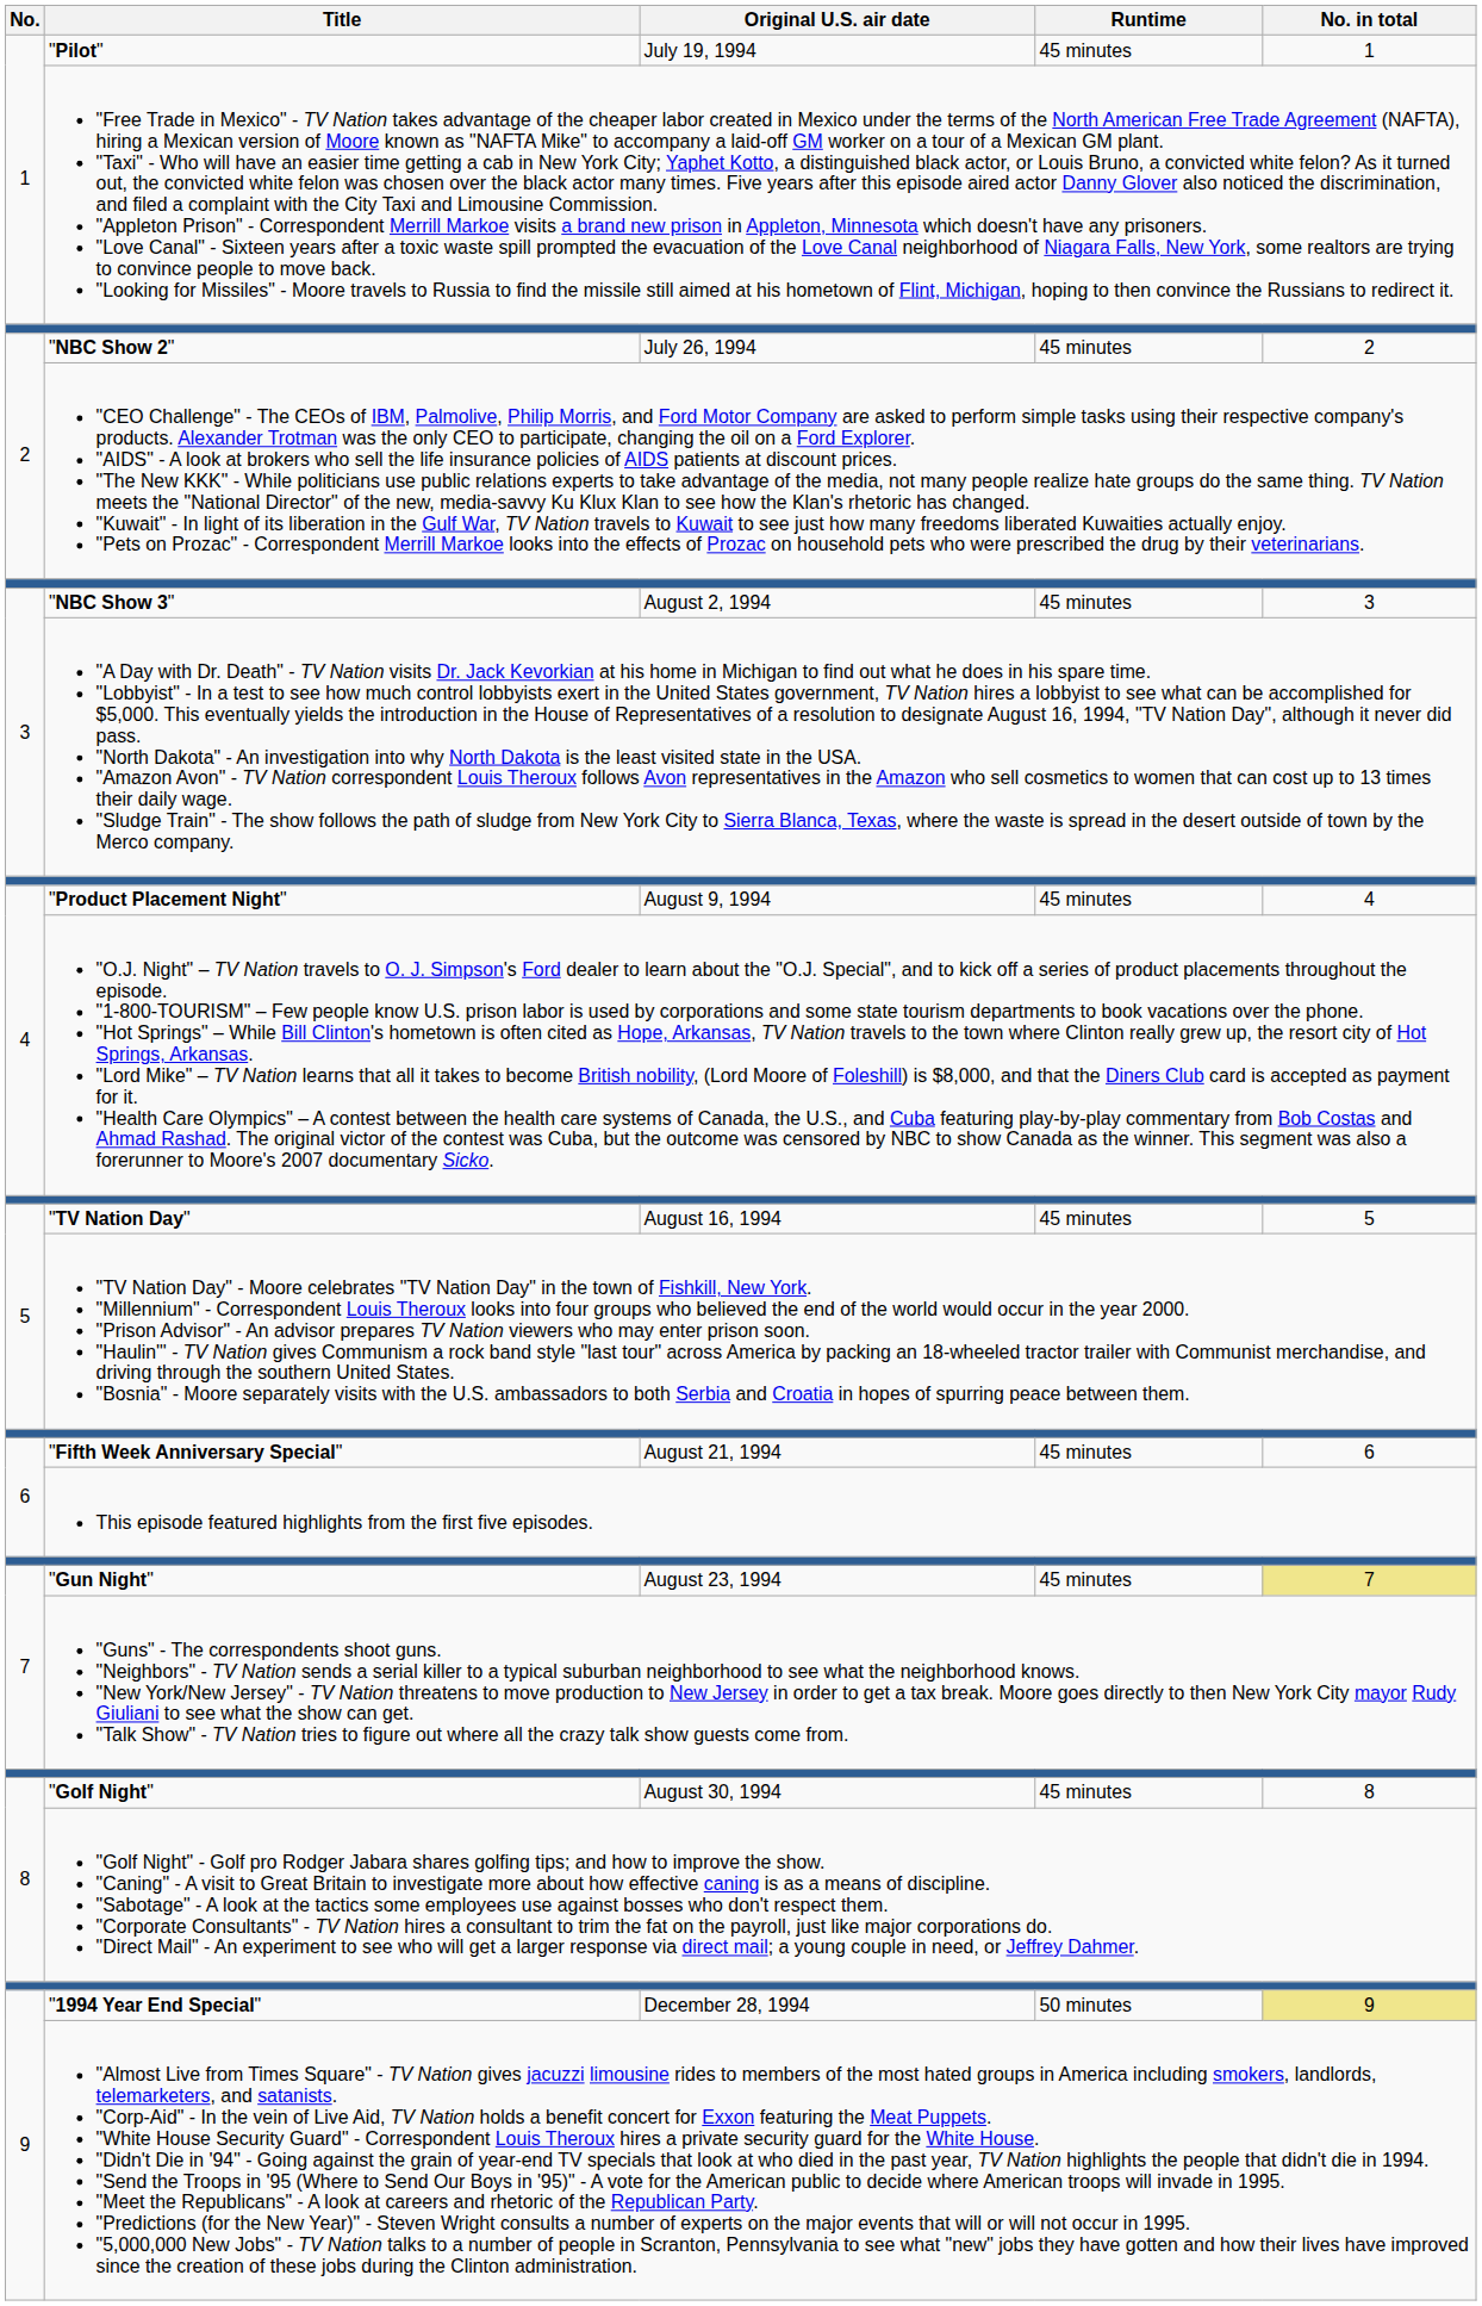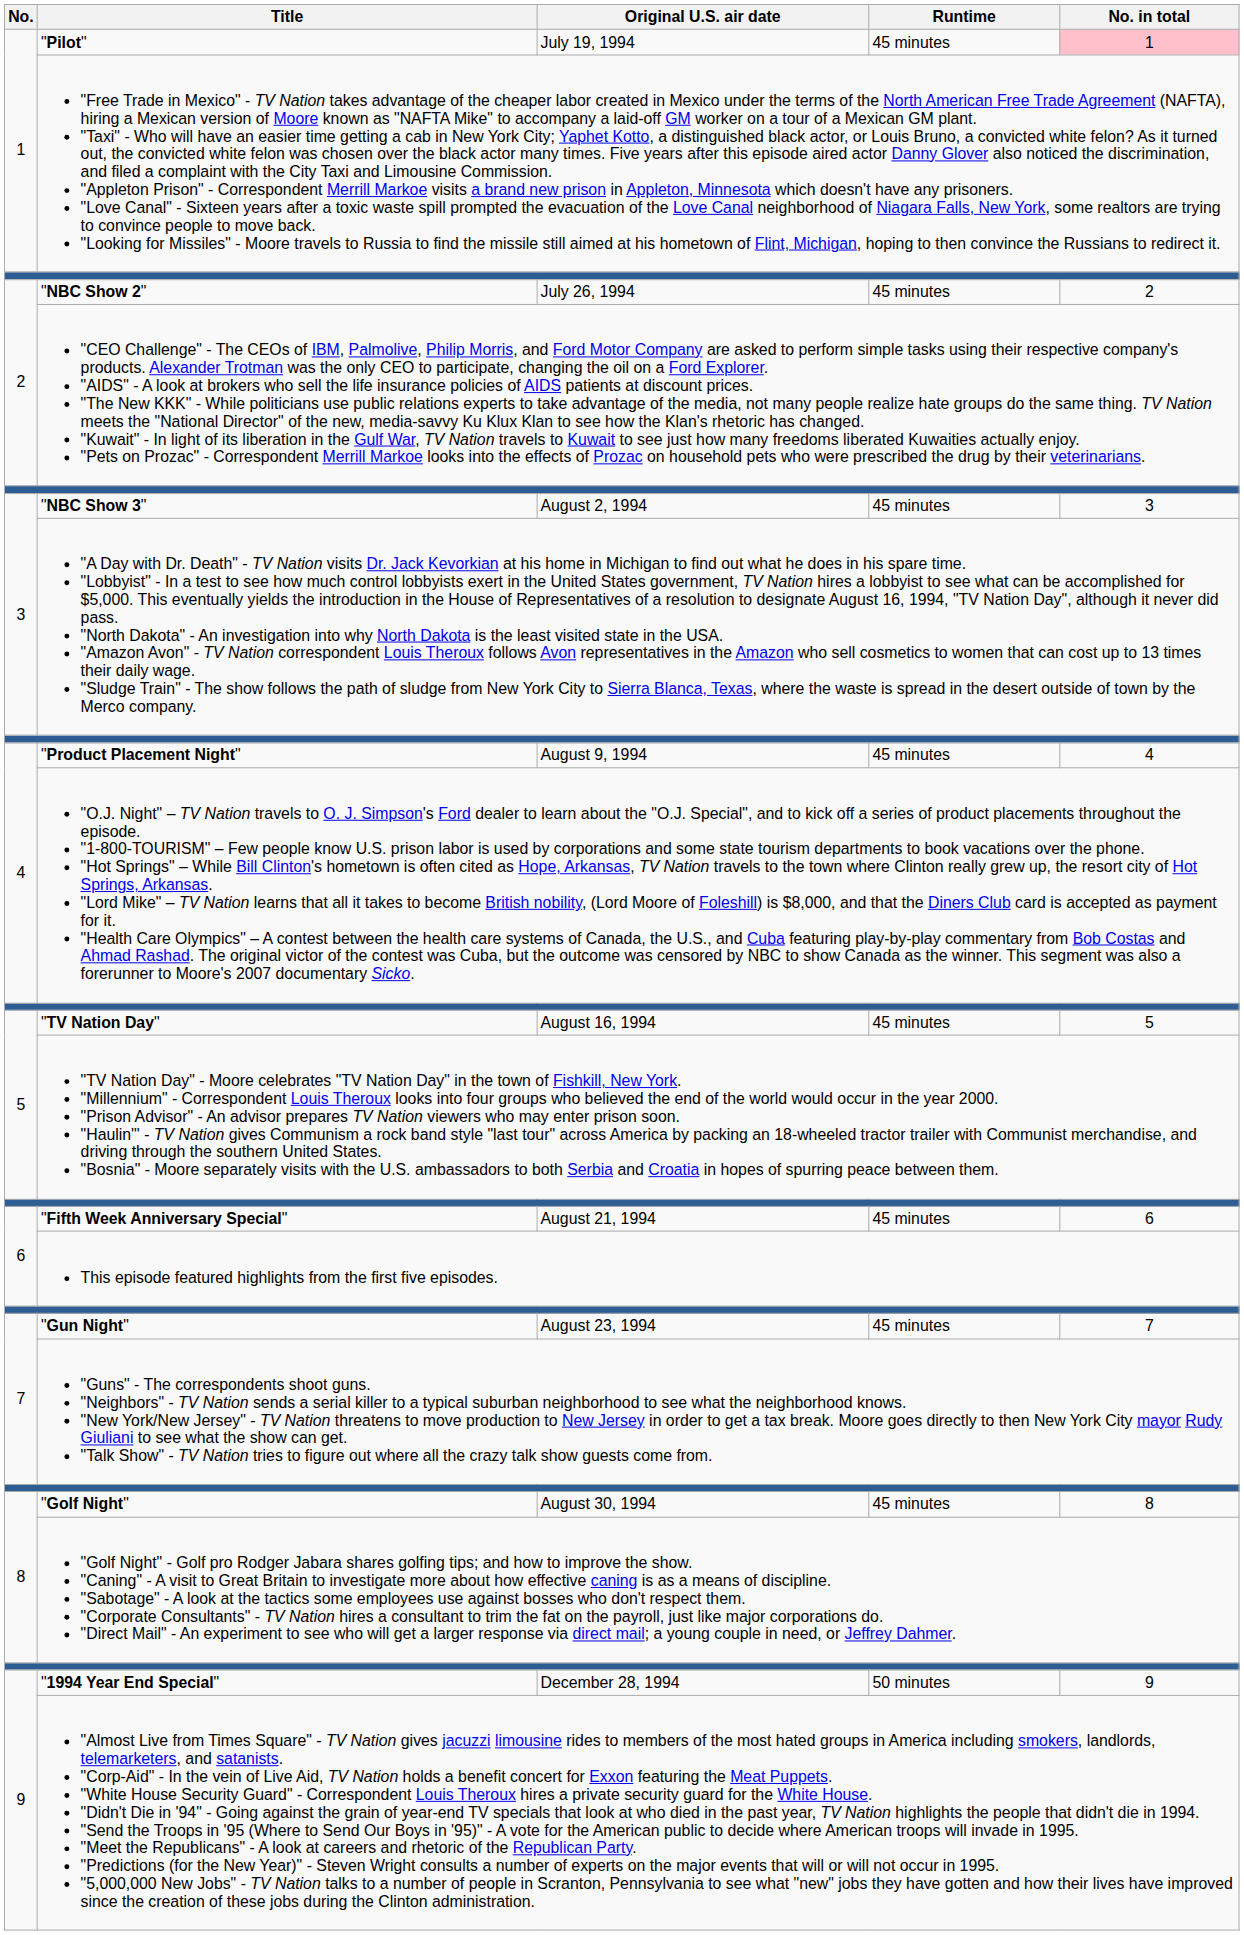 <table class="wikitable">
 <tr>
 <th>No.</th>
 <th>Title</th>
 <th>Original U.S. air date</th>
 <th>Runtime</th>
 <th>No. in total</th>
 </tr>
 <tr>
 <td align=center rowspan=2>1</td>
 <td>"<strong>Pilot</strong>"</td>
 <td>July 19, 1994</td>
 <td>45 minutes</td>
-<td align=center>1</td>
+<td align=center style="background: pink;">1</td>
 </tr>
 <tr>
 <td colspan="6"><br><ul><li>"Free Trade in Mexico" - <em>TV Nation</em> takes advantage of the cheaper labor created in Mexico under the terms of the <a href='#'>North American Free Trade Agreement</a> (NAFTA), hiring a Mexican version of <a href='#'>Moore</a> known as "NAFTA Mike" to accompany a laid-off <a href='#'>GM</a> worker on a tour of a Mexican GM plant.</li><li>"Taxi" - Who will have an easier time getting a cab in New York City; <a href='#'>Yaphet Kotto</a>, a distinguished black actor, or Louis Bruno, a convicted white felon? As it turned out, the convicted white felon was chosen over the black actor many times. Five years after this episode aired actor <a href='#'>Danny Glover</a> also noticed the discrimination, and filed a complaint with the City Taxi and Limousine Commission.</li><li>"Appleton Prison" - Correspondent <a href='#'>Merrill Markoe</a> visits <a href='#'>a brand new prison</a> in <a href='#'>Appleton, Minnesota</a> which doesn't have any prisoners.</li><li>"Love Canal" - Sixteen years after a toxic waste spill prompted the evacuation of the <a href='#'>Love Canal</a> neighborhood of <a href='#'>Niagara Falls, New York</a>, some realtors are trying to convince people to move back.</li><li>"Looking for Missiles" - Moore travels to Russia to find the missile still aimed at his hometown of <a href='#'>Flint, Michigan</a>, hoping to then convince the Russians to redirect it.</li></ul></td>
 </tr>
 <tr>
 <td colspan="6" bgcolor="#2d5d93"></td>
 </tr>
 <tr>
 <td align=center rowspan=2>2</td>
 <td>"<strong>NBC Show 2</strong>"</td>
 <td>July 26, 1994</td>
 <td>45 minutes</td>
 <td align=center>2</td>
 </tr>
 <tr>
 <td colspan="6"><br><ul><li>"CEO Challenge" - The CEOs of <a href='#'>IBM</a>, <a href='#'>Palmolive</a>, <a href='#'>Philip Morris</a>, and <a href='#'>Ford Motor Company</a> are asked to perform simple tasks using their respective company's products. <a href='#'>Alexander Trotman</a> was the only CEO to participate, changing the oil on a <a href='#'>Ford Explorer</a>.</li><li>"AIDS" - A look at brokers who sell the life insurance policies of <a href='#'>AIDS</a> patients at discount prices.</li><li>"The New KKK" - While politicians use public relations experts to take advantage of the media, not many people realize hate groups do the same thing. <em>TV Nation</em> meets the "National Director" of the new, media-savvy Ku Klux Klan to see how the Klan's rhetoric has changed.</li><li>"Kuwait" - In light of its liberation in the <a href='#'>Gulf War</a>, <em>TV Nation</em> travels to <a href='#'>Kuwait</a> to see just how many freedoms liberated Kuwaities actually enjoy.</li><li>"Pets on Prozac" - Correspondent <a href='#'>Merrill Markoe</a> looks into the effects of <a href='#'>Prozac</a> on household pets who were prescribed the drug by their <a href='#'>veterinarians</a>.</li></ul></td>
 </tr>
 <tr>
 <td colspan="6" bgcolor="#2d5d93"></td>
 </tr>
 <tr>
 <td align=center rowspan=2>3</td>
 <td>"<strong>NBC Show 3</strong>"</td>
 <td>August 2, 1994</td>
 <td>45 minutes</td>
 <td align=center>3</td>
 </tr>
 <tr>
 <td colspan="6"><br><ul><li>"A Day with Dr. Death" - <em>TV Nation</em> visits <a href='#'>Dr. Jack Kevorkian</a> at his home in Michigan to find out what he does in his spare time.</li><li>"Lobbyist" - In a test to see how much control lobbyists exert in the United States government, <em>TV Nation</em> hires a lobbyist to see what can be accomplished for $5,000. This eventually yields the introduction in the House of Representatives of a resolution to designate August 16, 1994, "TV Nation Day", although it never did pass.</li><li>"North Dakota" - An investigation into why <a href='#'>North Dakota</a> is the least visited state in the USA.</li><li>"Amazon Avon" - <em>TV Nation</em> correspondent <a href='#'>Louis Theroux</a> follows <a href='#'>Avon</a> representatives in the <a href='#'>Amazon</a> who sell cosmetics to women that can cost up to 13 times their daily wage.</li><li>"Sludge Train" - The show follows the path of sludge from New York City to <a href='#'>Sierra Blanca, Texas</a>, where the waste is spread in the desert outside of town by the Merco company.</li></ul></td>
 </tr>
 <tr>
 <td colspan="6" bgcolor="#2d5d93"></td>
 </tr>
 <tr>
 <td align=center rowspan=2>4</td>
 <td>"<strong>Product Placement Night</strong>"</td>
 <td>August 9, 1994</td>
 <td>45 minutes</td>
 <td align=center>4</td>
 </tr>
 <tr>
 <td colspan="6"><br><ul><li>"O.J. Night" – <em>TV Nation</em> travels to <a href='#'>O. J. Simpson</a>'s <a href='#'>Ford</a> dealer to learn about the "O.J. Special", and to kick off a series of product placements throughout the episode.</li><li>"1-800-TOURISM" – Few people know U.S. prison labor is used by corporations and some state tourism departments to book vacations over the phone.</li><li>"Hot Springs" – While <a href='#'>Bill Clinton</a>'s hometown is often cited as <a href='#'>Hope, Arkansas</a>, <em>TV Nation</em> travels to the town where Clinton really grew up, the resort city of <a href='#'>Hot Springs, Arkansas</a>.</li><li>"Lord Mike" – <em>TV Nation</em> learns that all it takes to become <a href='#'>British nobility</a>, (Lord Moore of <a href='#'>Foleshill</a>) is $8,000, and that the  <a href='#'>Diners Club</a> card is accepted as payment for it.</li><li>"Health Care Olympics" – A contest between the health care systems of Canada, the U.S., and <a href='#'>Cuba</a> featuring play-by-play commentary from <a href='#'>Bob Costas</a> and <a href='#'>Ahmad Rashad</a>. The original victor of the contest was Cuba, but the outcome was censored by NBC to show Canada as the winner. This segment was also a forerunner to Moore's 2007 documentary <em><a href='#'>Sicko</a></em>.</li></ul></td>
 </tr>
 <tr>
 <td colspan="6" bgcolor="#2d5d93"></td>
 </tr>
 <tr>
 <td align=center rowspan=2>5</td>
 <td>"<strong>TV Nation Day</strong>"</td>
 <td>August 16, 1994</td>
 <td>45 minutes</td>
 <td align=center>5</td>
 </tr>
 <tr>
 <td colspan="6"><br><ul><li>"TV Nation Day" - Moore celebrates "TV Nation Day" in the town of <a href='#'>Fishkill, New York</a>.</li><li>"Millennium" - Correspondent <a href='#'>Louis Theroux</a> looks into four groups who believed the end of the world would occur in the year 2000.</li><li>"Prison Advisor" - An advisor prepares <em>TV Nation</em> viewers who may enter prison soon.</li><li>"Haulin'" - <em>TV Nation</em> gives Communism a rock band style "last tour" across America by packing an 18-wheeled tractor trailer with Communist merchandise, and driving through the southern United States.</li><li>"Bosnia" - Moore separately visits with the U.S. ambassadors to both <a href='#'>Serbia</a> and <a href='#'>Croatia</a> in hopes of spurring peace between them.</li></ul></td>
 </tr>
 <tr>
 <td colspan="6" bgcolor="#2d5d93"></td>
 </tr>
 <tr>
 <td align=center rowspan=2>6</td>
 <td>"<strong>Fifth Week Anniversary Special</strong>"</td>
 <td>August 21, 1994</td>
 <td>45 minutes</td>
 <td align=center>6</td>
 </tr>
 <tr>
 <td colspan="6"><br><ul><li>This episode featured highlights from the first five episodes.</li></ul></td>
 </tr>
 <tr>
 <td colspan="6" bgcolor="#2d5d93"></td>
 </tr>
 <tr>
 <td align=center rowspan=2>7</td>
 <td>"<strong>Gun Night</strong>"</td>
 <td>August 23, 1994</td>
 <td>45 minutes</td>
-<td align=center style="background: khaki;">7</td>
+<td align=center>7</td>
 </tr>
 <tr>
 <td colspan="6"><br><ul><li>"Guns" - The correspondents shoot guns.</li><li>"Neighbors" - <em>TV Nation</em> sends a serial killer to a typical suburban neighborhood to see what the neighborhood knows.</li><li>"New York/New Jersey" - <em>TV Nation</em> threatens to move production to <a href='#'>New Jersey</a> in order to get a tax break. Moore goes directly to then New York City <a href='#'>mayor</a> <a href='#'>Rudy Giuliani</a> to see what the show can get.</li><li>"Talk Show" - <em>TV Nation</em> tries to figure out where all the crazy talk show guests come from.</li></ul></td>
 </tr>
 <tr>
 <td colspan="6" bgcolor="#2d5d93"></td>
 </tr>
 <tr>
 <td align=center rowspan=2>8</td>
 <td>"<strong>Golf Night</strong>"</td>
 <td>August 30, 1994</td>
 <td>45 minutes</td>
 <td align=center>8</td>
 </tr>
 <tr>
 <td colspan="6"><br><ul><li>"Golf Night" - Golf pro Rodger Jabara shares golfing tips; and how to improve the show.</li><li>"Caning" - A visit to Great Britain to investigate more about how effective <a href='#'>caning</a> is as a means of discipline.</li><li>"Sabotage" - A look at the tactics some employees use against bosses who don't respect them.</li><li>"Corporate Consultants" - <em>TV Nation</em> hires a consultant to trim the fat on the payroll, just like major corporations do.</li><li>"Direct Mail" - An experiment to see who will get a larger response via <a href='#'>direct mail</a>; a young couple in need, or <a href='#'>Jeffrey Dahmer</a>.</li></ul></td>
 </tr>
 <tr>
 <td colspan="6" bgcolor="#2d5d93"></td>
 </tr>
 <tr>
 <td align=center rowspan=2>9</td>
 <td>"<strong>1994 Year End Special</strong>"</td>
 <td>December 28, 1994</td>
 <td>50 minutes</td>
-<td align=center style="background: khaki;">9</td>
+<td align=center>9</td>
 </tr>
 <tr>
 <td colspan="6"><br><ul><li>"Almost Live from Times Square" - <em>TV Nation</em> gives <a href='#'>jacuzzi</a> <a href='#'>limousine</a> rides to members of the most hated groups in America including <a href='#'>smokers</a>, landlords, <a href='#'>telemarketers</a>, and <a href='#'>satanists</a>.</li><li>"Corp-Aid" - In the vein of Live Aid, <em>TV Nation</em> holds a benefit concert for <a href='#'>Exxon</a> featuring the <a href='#'>Meat Puppets</a>.</li><li>"White House Security Guard" - Correspondent <a href='#'>Louis Theroux</a> hires a private security guard for the <a href='#'>White House</a>.</li><li>"Didn't Die in '94" - Going against the grain of year-end TV specials that look at who died in the past year, <em>TV Nation</em> highlights the people that didn't die in 1994.</li><li>"Send the Troops in '95 (Where to Send Our Boys in '95)" - A vote for the American public to decide where American troops will invade in 1995.</li><li>"Meet the Republicans" - A look at careers and rhetoric of the <a href='#'>Republican Party</a>.</li><li>"Predictions (for the New Year)" - Steven Wright consults a number of experts on the major events that will or will not occur in 1995.</li><li>"5,000,000 New Jobs" - <em>TV Nation</em> talks to a number of people in Scranton, Pennsylvania to see what "new" jobs they have gotten and how their lives have improved since the creation of these jobs during the Clinton administration.</li></ul></td>
 </tr>
 </table>
